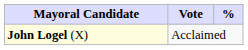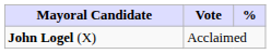 <table class="wikitable">
 <tr>
 <th style="background:#ddf; width:200px;">Mayoral Candidate</th>
 <th style="background:#ddf; width:50px;">Vote</th>
 <th style="background:#ddf; width:30px;">%</th>
 </tr>
 <tr>
-<td style="background: lightyellow;"><strong>John Logel</strong> (X)</td>
+<td><strong>John Logel</strong> (X)</td>
 <td colspan="2">Acclaimed</td>
 </tr>
 </table>
